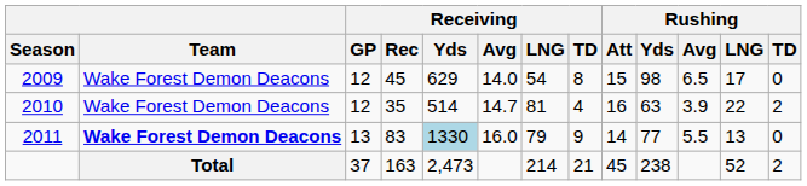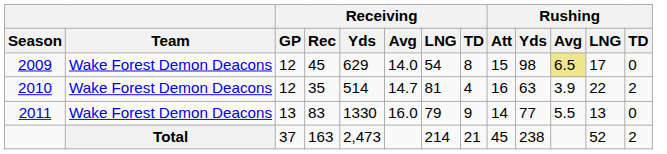 <table class="wikitable">
 <tr>
 <th colspan="2"></th>
 <th colspan="6" style="text-align:center;">Receiving</th>
 <th colspan="5" style="text-align:center;">Rushing</th>
 </tr>
 <tr>
 <th>Season</th>
 <th>Team</th>
 <th>GP</th>
 <th>Rec</th>
 <th>Yds</th>
 <th>Avg</th>
 <th>LNG</th>
 <th>TD</th>
 <th>Att</th>
 <th>Yds</th>
 <th>Avg</th>
 <th>LNG</th>
 <th>TD</th>
 </tr>
 <tr>
 <td style="text-align:center;"><a href='#'>2009</a></td>
 <td><a href='#'>Wake Forest Demon Deacons</a></td>
 <td>12</td>
 <td>45</td>
 <td>629</td>
 <td>14.0</td>
 <td>54</td>
 <td>8</td>
 <td>15</td>
 <td>98</td>
-<td>6.5</td>
+<td style="background: khaki;">6.5</td>
 <td>17</td>
 <td>0</td>
 </tr>
 <tr>
 <td style="text-align:center;"><a href='#'>2010</a></td>
 <td><a href='#'>Wake Forest Demon Deacons</a></td>
 <td>12</td>
 <td>35</td>
 <td>514</td>
 <td>14.7</td>
 <td>81</td>
 <td>4</td>
 <td>16</td>
 <td>63</td>
 <td>3.9</td>
 <td>22</td>
 <td>2</td>
 </tr>
 <tr>
 <td style="text-align:center;"><a href='#'>2011</a></td>
-<td><strong><a href='#'>Wake Forest Demon Deacons</a></strong></td>
+<td><a href='#'>Wake Forest Demon Deacons</a></td>
 <td>13</td>
 <td>83</td>
-<td style="background: lightblue;">1330</td>
+<td>1330</td>
 <td>16.0</td>
 <td>79</td>
 <td>9</td>
 <td>14</td>
 <td>77</td>
 <td>5.5</td>
 <td>13</td>
 <td>0</td>
 </tr>
 <tr>
 <td></td>
 <th>Total</th>
 <td>37</td>
 <td>163</td>
 <td>2,473</td>
 <td></td>
 <td>214</td>
 <td>21</td>
 <td>45</td>
 <td>238</td>
 <td></td>
 <td>52</td>
 <td>2</td>
 </tr>
 </table>
